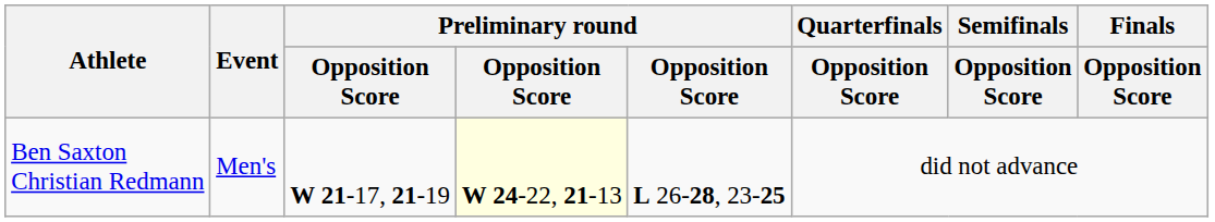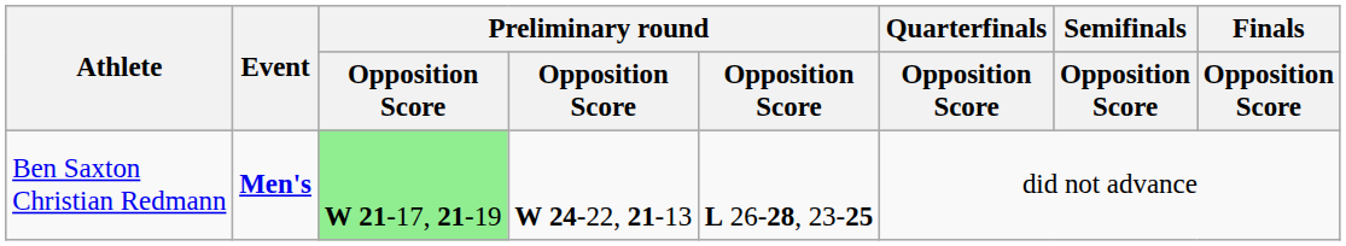 <table class="wikitable" border="1" style="font-size:90%">
 <tr>
 <th rowspan=2>Athlete</th>
 <th rowspan=2>Event</th>
 <th colspan=3>Preliminary round</th>
 <th>Quarterfinals</th>
 <th>Semifinals</th>
 <th>Finals</th>
 </tr>
 <tr>
 <th>Opposition<br>Score</th>
 <th>Opposition<br>Score</th>
 <th>Opposition<br>Score</th>
 <th>Opposition<br>Score</th>
 <th>Opposition<br>Score</th>
 <th>Opposition<br>Score</th>
 </tr>
 <tr>
 <td><a href='#'>Ben Saxton</a> <br> <a href='#'>Christian Redmann</a></td>
-<td><a href='#'>Men's</a></td>
-<td align="center"><br><br><strong>W</strong> <strong>21</strong>-17, <strong>21</strong>-19</td>
-<td align="center" style="background: lightyellow;"><br><br><strong>W</strong> <strong>24</strong>-22, <strong>21</strong>-13</td>
+<td><strong><a href='#'>Men's</a></strong></td>
+<td align="center" style="background: lightgreen;"><br><br><strong>W</strong> <strong>21</strong>-17, <strong>21</strong>-19</td>
+<td align="center"><br><br><strong>W</strong> <strong>24</strong>-22, <strong>21</strong>-13</td>
 <td align="center"><br><br><strong>L</strong> 26-<strong>28</strong>, 23-<strong>25</strong></td>
 <td align=center colspan="5">did not advance</td>
 </tr>
 </table>
